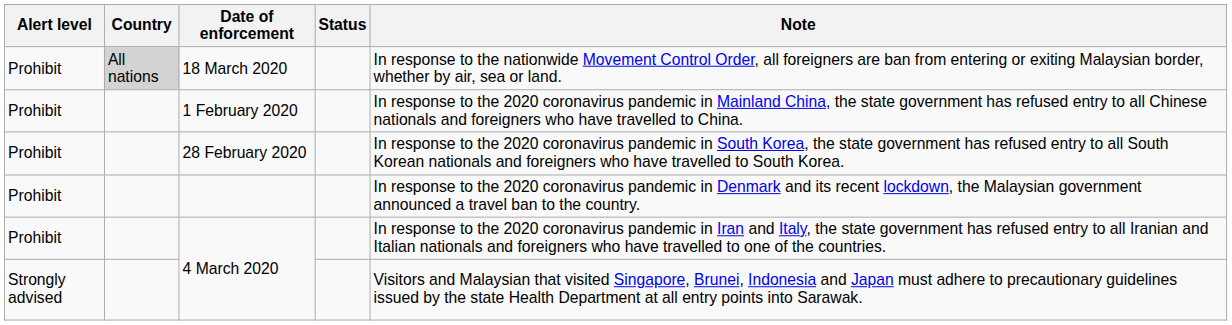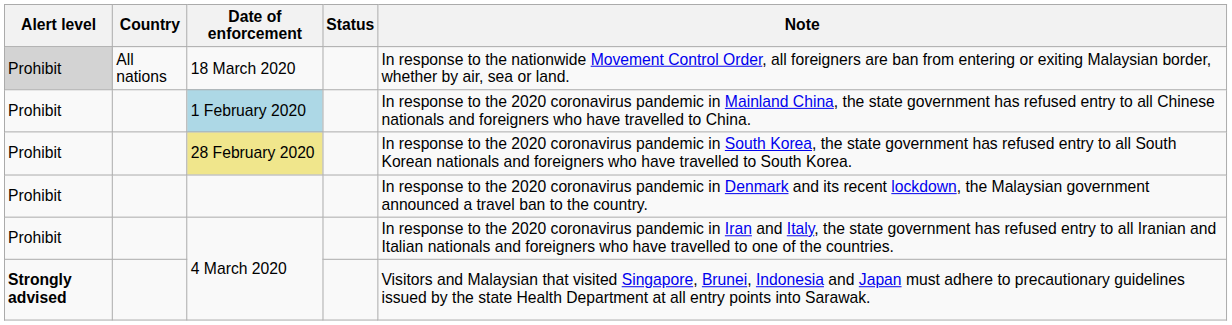 <table class="wikitable sortable">
 <tr>
 <th>Alert level</th>
 <th>Country</th>
 <th>Date of enforcement</th>
 <th>Status</th>
 <th>Note</th>
 </tr>
 <tr>
-<td>Prohibit</td>
-<td style="background: lightgrey;">All nations</td>
+<td style="background: lightgrey;">Prohibit</td>
+<td>All nations</td>
 <td>18 March 2020</td>
 <td></td>
 <td>In response to the nationwide <a href='#'>Movement Control Order</a>, all foreigners are ban from entering or exiting Malaysian border, whether by air, sea or land.</td>
 </tr>
 <tr>
 <td>Prohibit</td>
 <td></td>
-<td>1 February 2020</td>
+<td style="background: lightblue;">1 February 2020</td>
 <td></td>
 <td>In response to the 2020 coronavirus pandemic in <a href='#'>Mainland China</a>, the state government has refused entry to all Chinese nationals and foreigners who have travelled to China.</td>
 </tr>
 <tr>
 <td>Prohibit</td>
 <td></td>
-<td>28 February 2020</td>
+<td style="background: khaki;">28 February 2020</td>
 <td></td>
 <td>In response to the 2020 coronavirus pandemic in <a href='#'>South Korea</a>, the state government has refused entry to all South Korean nationals and foreigners who have travelled to South Korea.</td>
 </tr>
 <tr>
 <td>Prohibit</td>
 <td></td>
 <td></td>
 <td></td>
 <td>In response to the 2020 coronavirus pandemic in <a href='#'>Denmark</a> and its recent <a href='#'>lockdown</a>, the Malaysian government announced a travel ban to the country.</td>
 </tr>
 <tr>
 <td>Prohibit</td>
 <td><br></td>
 <td rowspan="2">4 March 2020</td>
 <td></td>
 <td>In response to the 2020 coronavirus pandemic in <a href='#'>Iran</a> and <a href='#'>Italy</a>, the state government has refused entry to all Iranian and Italian nationals and foreigners who have travelled to one of the countries.</td>
 </tr>
 <tr>
-<td>Strongly advised</td>
+<td><strong>Strongly advised</strong></td>
 <td><br><br><br></td>
 <td></td>
 <td>Visitors and Malaysian that visited <a href='#'>Singapore</a>, <a href='#'>Brunei</a>, <a href='#'>Indonesia</a> and <a href='#'>Japan</a> must adhere to precautionary guidelines issued by the state Health Department at all entry points into Sarawak.</td>
 </tr>
 </table>
